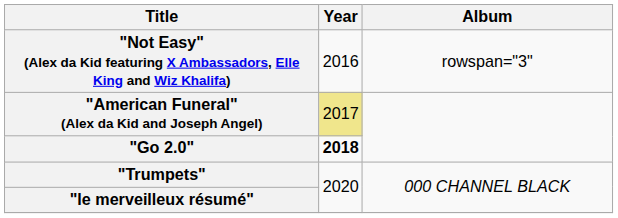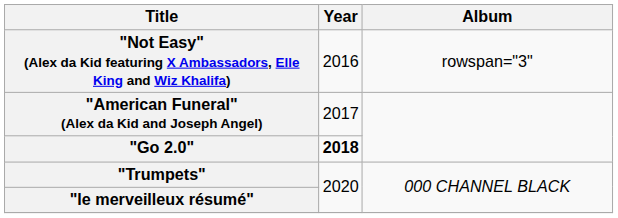 <table class="wikitable plainrowheaders" style="text-align:center;">
 <tr>
 <th scope="col" style="width:19em;">Title</th>
 <th scope="col" style="width:1em;">Year</th>
 <th scope="col" style="width:15em;">Album</th>
 </tr>
 <tr>
 <th scope="row">"Not Easy"<br><small>(Alex da Kid featuring <a href='#'>X Ambassadors</a>, <a href='#'>Elle King</a> and <a href='#'>Wiz Khalifa</a>)</small></th>
 <td>2016</td>
 <td>rowspan="3" </td>
 </tr>
 <tr>
 <th scope="row">"American Funeral"<br><small>(Alex da Kid and Joseph Angel)</small></th>
-<td rowspan="1" style="background: khaki;">2017</td>
+<td rowspan="1">2017</td>
 </tr>
 <tr>
 <th scope="row">"Go 2.0"<br></th>
 <td><strong>2018</strong></td>
 </tr>
 <tr>
 <th scope="row">"Trumpets" <br></th>
 <td rowspan="2">2020</td>
 <td rowspan="2"><em>000 CHANNEL BLACK</em></td>
 </tr>
 <tr>
 <th scope="row">"le merveilleux résumé"</th>
 </tr>
 <tr>
 </tr>
 </table>
